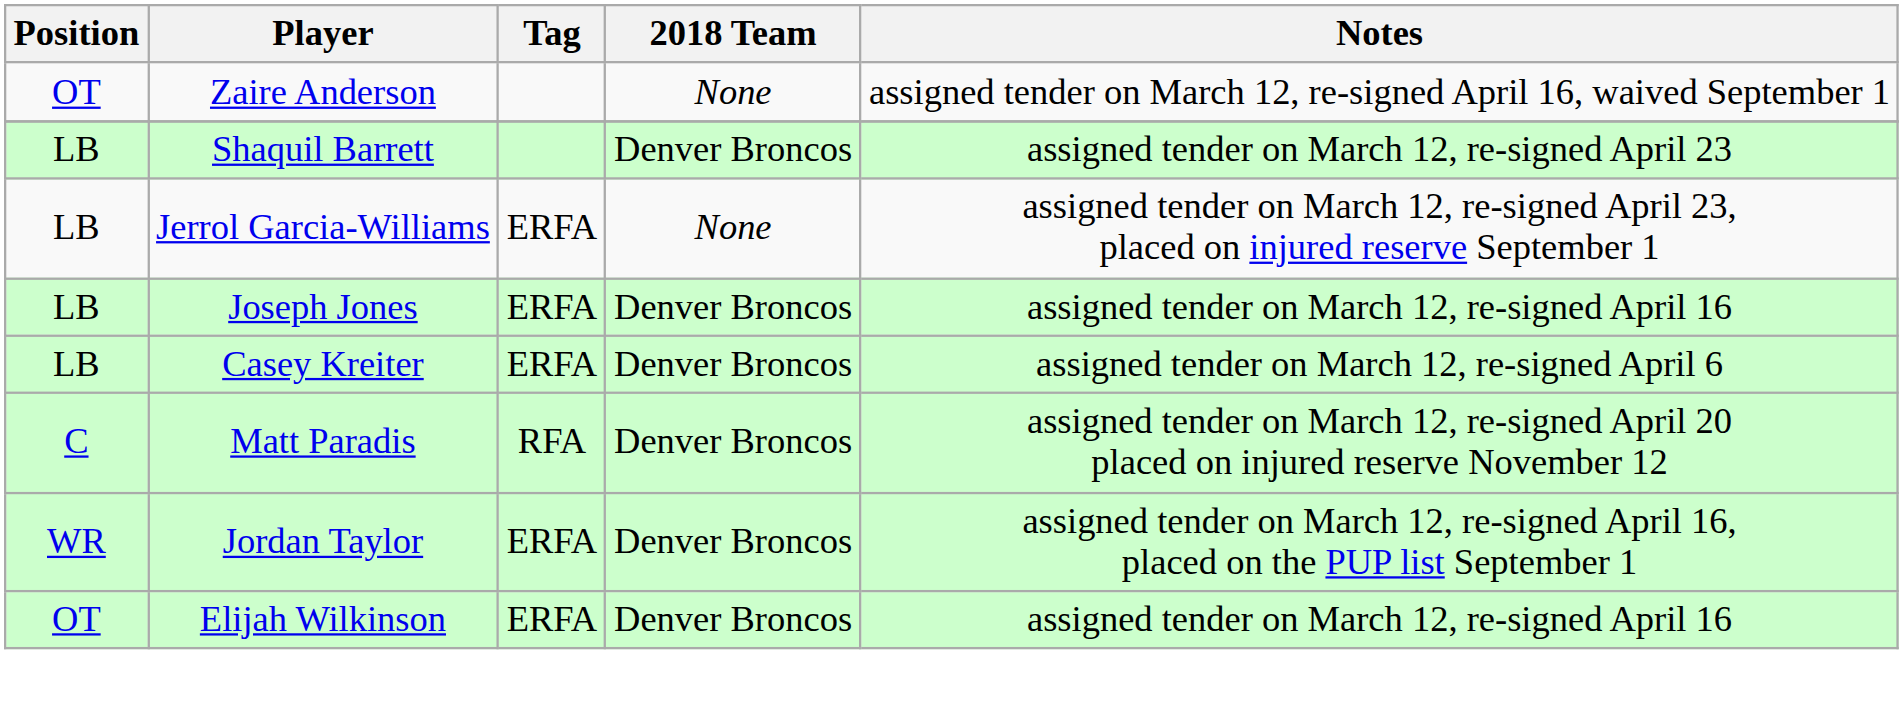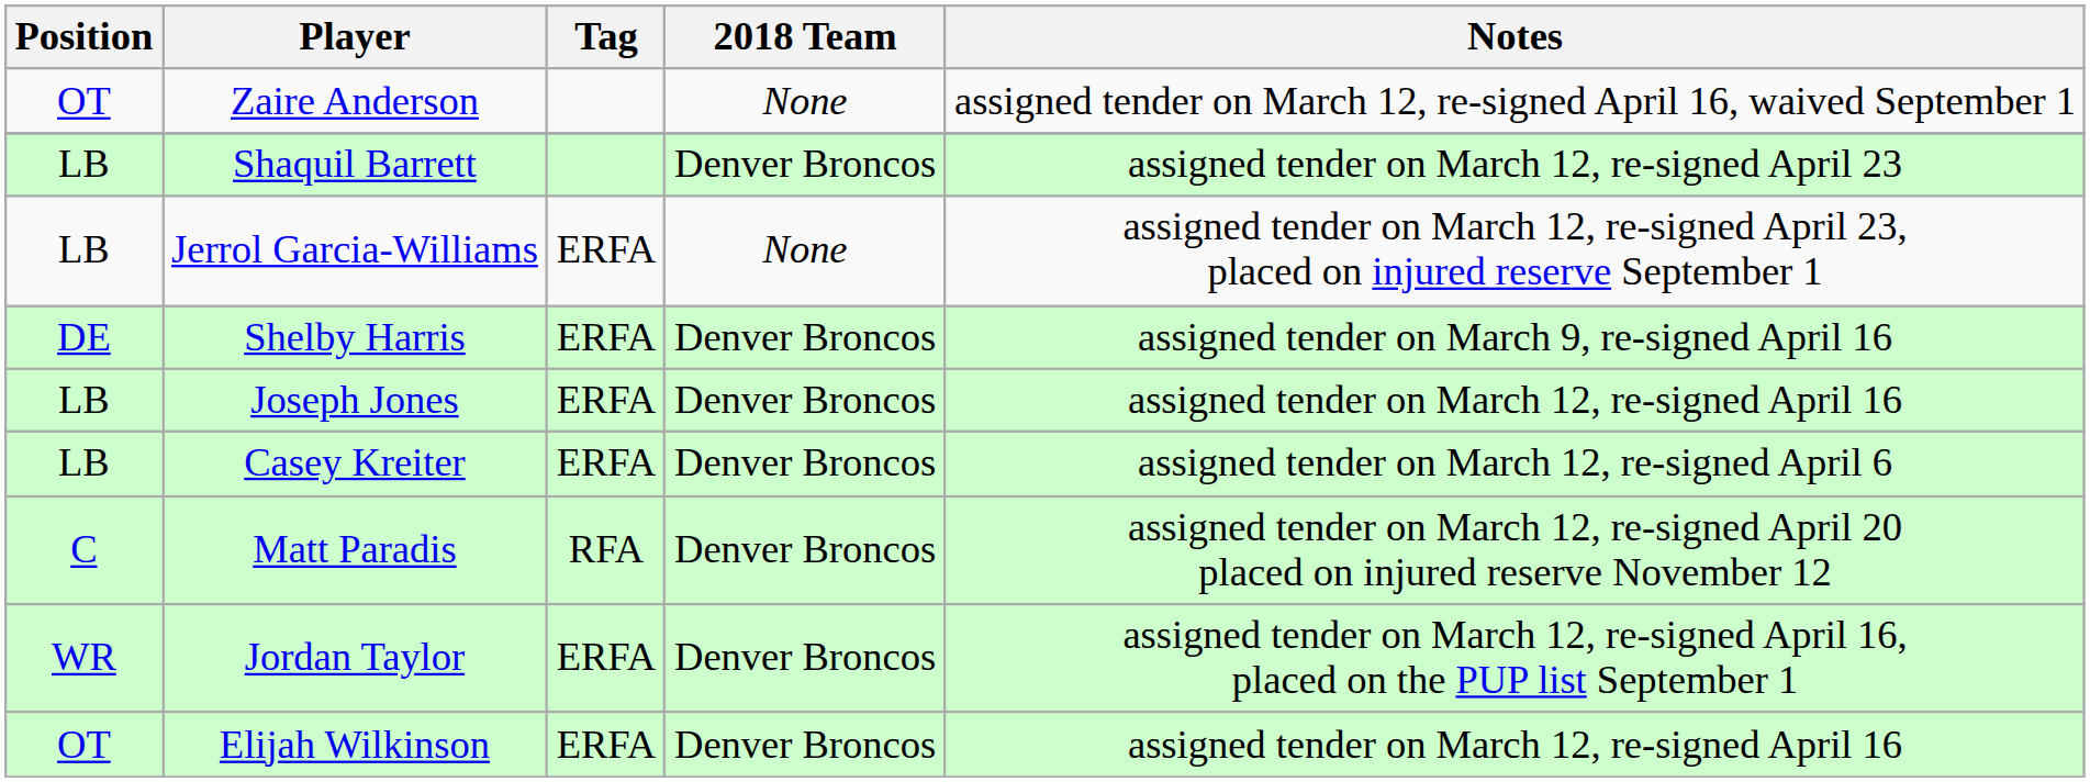 <table class="wikitable" style="text-align:center">
 <tr>
 <th>Position</th>
 <th>Player</th>
 <th>Tag</th>
 <th>2018 Team</th>
 <th>Notes</th>
 </tr>
 <tr>
 <td><a href='#'>OT</a></td>
 <td><a href='#'>Zaire Anderson</a></td>
 <td></td>
 <td><em>None</em></td>
 <td>assigned tender on March 12, re-signed April 16, waived September 1</td>
 </tr>
 <tr>
 </tr>
 <tr style="background:#cfc">
 <td>LB</td>
 <td><a href='#'>Shaquil Barrett</a></td>
 <td></td>
 <td>Denver Broncos</td>
 <td>assigned tender on March 12, re-signed April 23</td>
 </tr>
 <tr>
 <td>LB</td>
 <td><a href='#'>Jerrol Garcia-Williams</a></td>
 <td>ERFA</td>
 <td><em>None</em></td>
 <td>assigned tender on March 12, re-signed April 23,<br>placed on <a href='#'>injured reserve</a> September 1</td>
+</tr>
+<tr style="background:#cfc">
+<td><a href='#'>DE</a></td>
+<td><a href='#'>Shelby Harris</a></td>
+<td>ERFA</td>
+<td>Denver Broncos</td>
+<td>assigned tender on March 9, re-signed April 16</td>
 </tr>
 <tr style="background:#cfc">
 <td>LB</td>
 <td><a href='#'>Joseph Jones</a></td>
 <td>ERFA</td>
 <td>Denver Broncos</td>
 <td>assigned tender on March 12, re-signed April 16</td>
 </tr>
 <tr style="background:#cfc">
 <td>LB</td>
 <td><a href='#'>Casey Kreiter</a></td>
 <td>ERFA</td>
 <td>Denver Broncos</td>
 <td>assigned tender on March 12, re-signed April 6</td>
 </tr>
 <tr style="background:#cfc">
 <td><a href='#'>C</a></td>
 <td><a href='#'>Matt Paradis</a></td>
 <td>RFA</td>
 <td>Denver Broncos</td>
 <td>assigned tender on March 12, re-signed April 20<br>placed on injured reserve November 12</td>
 </tr>
 <tr style="background:#cfc">
 <td><a href='#'>WR</a></td>
 <td><a href='#'>Jordan Taylor</a></td>
 <td>ERFA</td>
 <td>Denver Broncos</td>
 <td>assigned tender on March 12, re-signed April 16,<br>placed on the <a href='#'>PUP list</a> September 1</td>
 </tr>
 <tr style="background:#cfc">
 <td><a href='#'>OT</a></td>
 <td><a href='#'>Elijah Wilkinson</a></td>
 <td>ERFA</td>
 <td>Denver Broncos</td>
 <td>assigned tender on March 12, re-signed April 16</td>
 </tr>
 </table>
